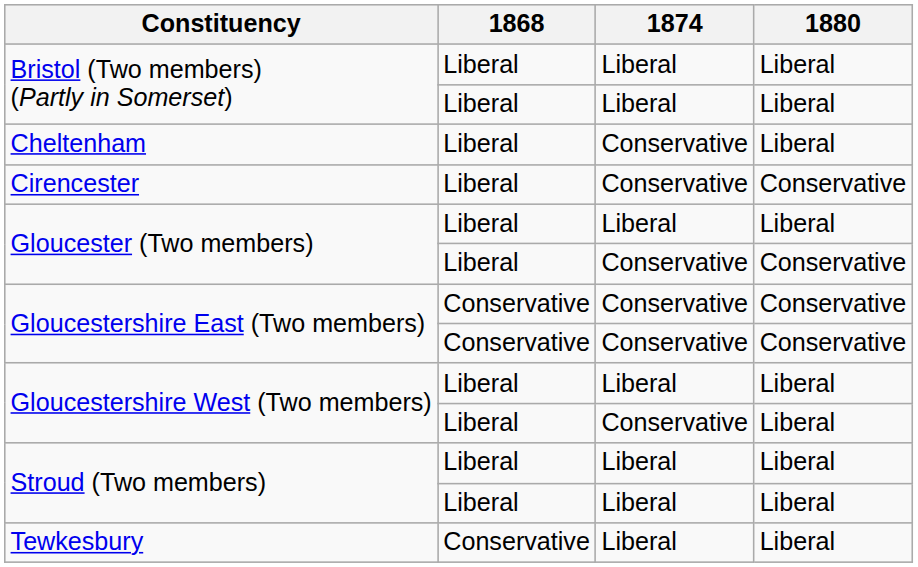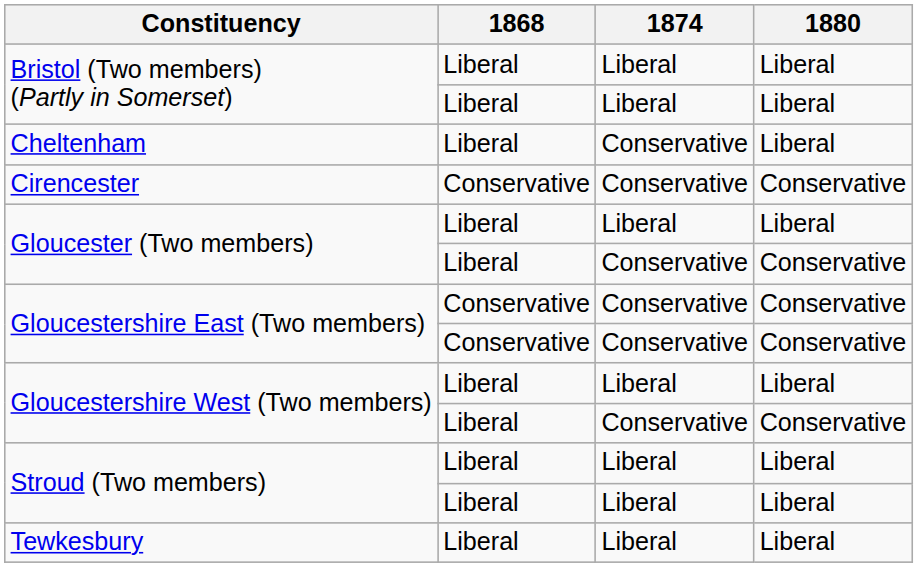 <table class="wikitable">
 <tr>
 <th>Constituency</th>
 <th>1868</th>
 <th>1874</th>
 <th>1880</th>
 </tr>
 <tr>
 <td rowspan="2"><a href='#'>Bristol</a> (Two members)<br>(<em>Partly in Somerset</em>)</td>
 <td>Liberal</td>
 <td>Liberal</td>
 <td>Liberal</td>
 </tr>
 <tr>
 <td>Liberal</td>
 <td>Liberal</td>
 <td>Liberal</td>
 </tr>
 <tr>
 <td><a href='#'>Cheltenham</a></td>
 <td>Liberal</td>
 <td>Conservative</td>
 <td>Liberal</td>
 </tr>
 <tr>
 <td><a href='#'>Cirencester</a></td>
-<td>Liberal</td>
+<td>Conservative</td>
 <td>Conservative</td>
 <td>Conservative</td>
 </tr>
 <tr>
 <td rowspan="2"><a href='#'>Gloucester</a> (Two members)</td>
 <td>Liberal</td>
 <td>Liberal</td>
 <td>Liberal</td>
 </tr>
 <tr>
 <td>Liberal</td>
 <td>Conservative</td>
 <td>Conservative</td>
 </tr>
 <tr>
 <td rowspan="2"><a href='#'>Gloucestershire East</a> (Two members)</td>
 <td>Conservative</td>
 <td>Conservative</td>
 <td>Conservative</td>
 </tr>
 <tr>
 <td>Conservative</td>
 <td>Conservative</td>
 <td>Conservative</td>
 </tr>
 <tr>
 <td rowspan="2"><a href='#'>Gloucestershire West</a> (Two members)</td>
 <td>Liberal</td>
 <td>Liberal</td>
 <td>Liberal</td>
 </tr>
 <tr>
 <td>Liberal</td>
 <td>Conservative</td>
-<td>Liberal</td>
+<td>Conservative</td>
 </tr>
 <tr>
 <td rowspan="2"><a href='#'>Stroud</a> (Two members)</td>
 <td>Liberal</td>
 <td>Liberal</td>
 <td>Liberal</td>
 </tr>
 <tr>
 <td>Liberal</td>
 <td>Liberal</td>
 <td>Liberal</td>
 </tr>
 <tr>
 <td><a href='#'>Tewkesbury</a></td>
-<td>Conservative</td>
+<td>Liberal</td>
 <td>Liberal</td>
 <td>Liberal</td>
 </tr>
 </table>
